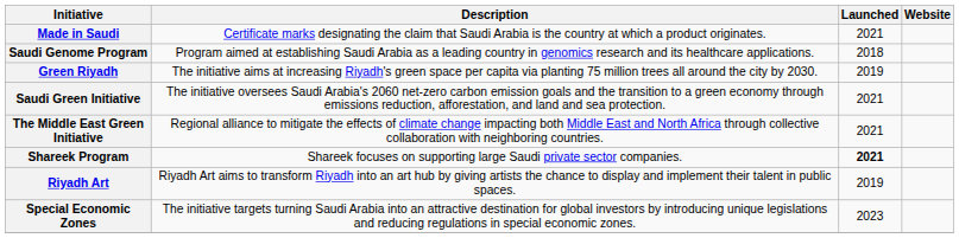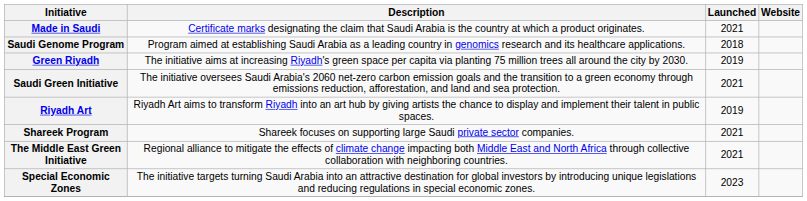 <table class="wikitable sortable" style="text-align:center;">
 <tr>
 <th>Initiative</th>
 <th>Description</th>
 <th>Launched</th>
 <th>Website</th>
 </tr>
 <tr>
 <th><a href='#'>Made in Saudi</a></th>
 <td><a href='#'>Certificate marks</a> designating the claim that Saudi Arabia is the country at which a product originates.</td>
 <td>2021</td>
 <td></td>
 </tr>
 <tr>
 <th>Saudi Genome Program</th>
 <td>Program aimed at establishing Saudi Arabia as a leading country in <a href='#'>genomics</a> research and its healthcare applications.</td>
 <td>2018</td>
 <td></td>
 </tr>
 <tr>
 <th><a href='#'>Green Riyadh</a></th>
 <td>The initiative aims at increasing <a href='#'>Riyadh</a>'s green space per capita via planting 75 million trees all around the city by 2030.</td>
 <td>2019</td>
 <td></td>
 </tr>
 <tr>
 <th>Saudi Green Initiative</th>
 <td>The initiative oversees Saudi Arabia's 2060 net-zero carbon emission goals and the transition to a green economy through emissions reduction, afforestation, and land and sea protection.</td>
 <td>2021</td>
 <td></td>
 </tr>
 <tr>
-<th>The Middle East Green Initiative</th>
-<td>Regional alliance to mitigate the effects of <a href='#'>climate change</a> impacting both <a href='#'>Middle East and North Africa</a> through collective collaboration with neighboring countries.</td>
-<td>2021</td>
+<th><a href='#'>Riyadh Art</a></th>
+<td>Riyadh Art aims to transform <a href='#'>Riyadh</a> into an art hub by giving artists the chance to display and implement their talent in public spaces.</td>
+<td>2019</td>
 <td></td>
 </tr>
 <tr>
 <th>Shareek Program</th>
 <td>Shareek focuses on supporting large Saudi <a href='#'>private sector</a> companies.</td>
-<td><strong>2021</strong></td>
+<td>2021</td>
 <td></td>
 </tr>
 <tr>
-<th><a href='#'>Riyadh Art</a></th>
-<td>Riyadh Art aims to transform <a href='#'>Riyadh</a> into an art hub by giving artists the chance to display and implement their talent in public spaces.</td>
-<td>2019</td>
+<th>The Middle East Green Initiative</th>
+<td>Regional alliance to mitigate the effects of <a href='#'>climate change</a> impacting both <a href='#'>Middle East and North Africa</a> through collective collaboration with neighboring countries.</td>
+<td>2021</td>
 <td></td>
 </tr>
 <tr>
 <th>Special Economic Zones</th>
 <td>The initiative targets turning Saudi Arabia into an attractive destination for global investors by introducing unique legislations and reducing regulations in special economic zones.</td>
 <td>2023</td>
 <td></td>
 </tr>
 <tr>
 </tr>
 </table>
